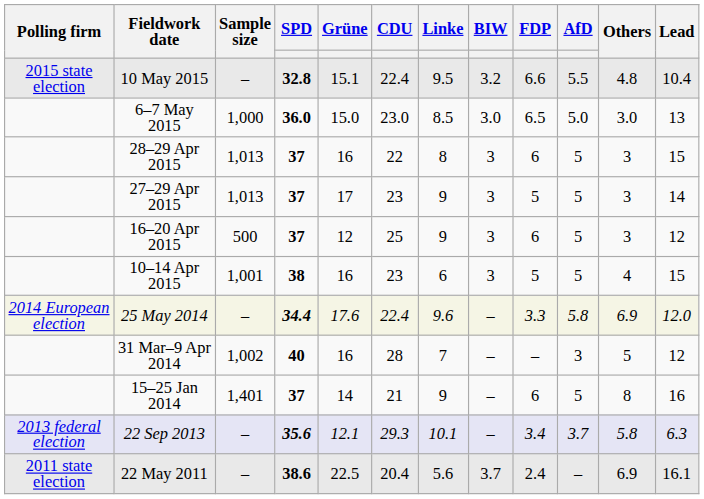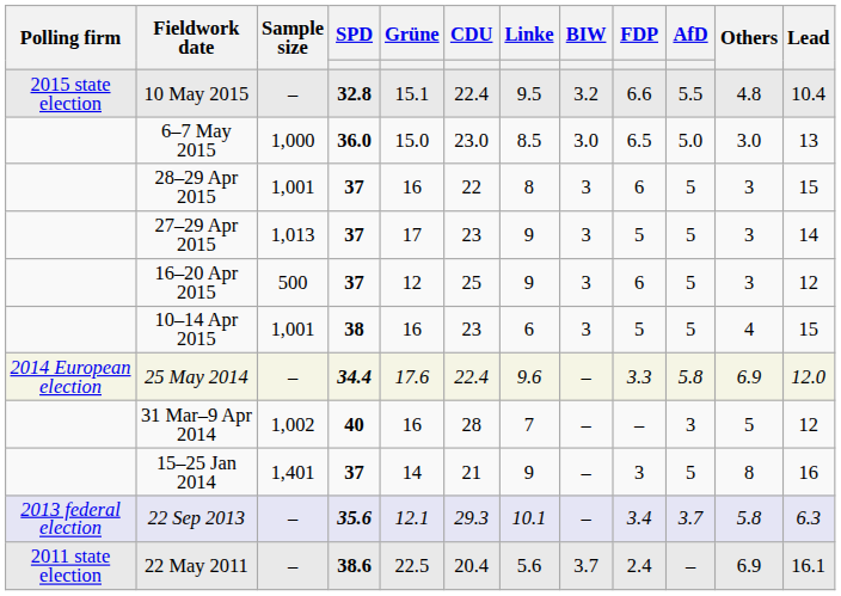 <table class="wikitable sortable" style="text-align:center;font-size:90%;line-height:14px;">
 <tr style="height:40px;">
 <th style="width:160px;" rowspan="2">Polling firm</th>
 <th style="width:125px;" rowspan="2">Fieldwork date</th>
 <th style="width:35px;" rowspan="2">Sample<br>size</th>
 <th class="unsortable" style="width:40px;"><a href='#'>SPD</a></th>
 <th class="unsortable" style="width:40px;"><a href='#'>Grüne</a></th>
 <th class="unsortable" style="width:40px;"><a href='#'>CDU</a></th>
 <th class="unsortable" style="width:40px;"><a href='#'>Linke</a></th>
 <th class="unsortable" style="width:40px;"><a href='#'>BIW</a></th>
 <th class="unsortable" style="width:40px;"><a href='#'>FDP</a></th>
 <th class="unsortable" style="width:40px;"><a href='#'>AfD</a></th>
 <th class="unsortable" style="width:40px;" rowspan="2">Others</th>
 <th style="width:30px;" rowspan="2">Lead</th>
 </tr>
 <tr>
 <th style="background:"></th>
 <th style="background:"></th>
 <th style="background:"></th>
 <th style="background:"></th>
 <th style="background:"></th>
 <th style="background:"></th>
 <th style="background:"></th>
 </tr>
 <tr style="background:#E9E9E9;">
 <td><a href='#'>2015 state election</a></td>
 <td data-sort-value="2015-05-10">10 May 2015</td>
 <td>–</td>
 <td><strong>32.8</strong></td>
 <td>15.1</td>
 <td>22.4</td>
 <td>9.5</td>
 <td>3.2</td>
 <td>6.6</td>
 <td>5.5</td>
 <td>4.8</td>
 <td style="background:">10.4</td>
 </tr>
 <tr>
 <td></td>
 <td data-sort-value="2015-05-07">6–7 May 2015</td>
 <td>1,000</td>
 <td><strong>36.0</strong></td>
 <td>15.0</td>
 <td>23.0</td>
 <td>8.5</td>
 <td>3.0</td>
 <td>6.5</td>
 <td>5.0</td>
 <td>3.0</td>
 <td style="background:">13</td>
 </tr>
 <tr>
 <td></td>
 <td data-sort-value="2015-04-29">28–29 Apr 2015</td>
-<td>1,013</td>
+<td>1,001</td>
 <td><strong>37</strong></td>
 <td>16</td>
 <td>22</td>
 <td>8</td>
 <td>3</td>
 <td>6</td>
 <td>5</td>
 <td>3</td>
 <td style="background:">15</td>
 </tr>
 <tr>
 <td></td>
 <td data-sort-value="2015-04-29">27–29 Apr 2015</td>
 <td>1,013</td>
 <td><strong>37</strong></td>
 <td>17</td>
 <td>23</td>
 <td>9</td>
 <td>3</td>
 <td>5</td>
 <td>5</td>
 <td>3</td>
 <td style="background:">14</td>
 </tr>
 <tr>
 <td></td>
 <td data-sort-value="2015-04-20">16–20 Apr 2015</td>
 <td>500</td>
 <td><strong>37</strong></td>
 <td>12</td>
 <td>25</td>
 <td>9</td>
 <td>3</td>
 <td>6</td>
 <td>5</td>
 <td>3</td>
 <td style="background:">12</td>
 </tr>
 <tr>
 <td></td>
 <td data-sort-value="2015-04-14">10–14 Apr 2015</td>
 <td>1,001</td>
 <td><strong>38</strong></td>
 <td>16</td>
 <td>23</td>
 <td>6</td>
 <td>3</td>
 <td>5</td>
 <td>5</td>
 <td>4</td>
 <td style="background:">15</td>
 </tr>
 <tr style="background:#F5F5E5;font-style:italic;">
 <td><a href='#'>2014 European election</a></td>
 <td data-sort-value="2014-05-25">25 May 2014</td>
 <td>–</td>
 <td><strong>34.4</strong></td>
 <td>17.6</td>
 <td>22.4</td>
 <td>9.6</td>
 <td>–</td>
 <td>3.3</td>
 <td>5.8</td>
 <td>6.9</td>
 <td style="background:">12.0</td>
 </tr>
 <tr>
 <td></td>
 <td data-sort-value="2014-04-09">31 Mar–9 Apr 2014</td>
 <td>1,002</td>
 <td><strong>40</strong></td>
 <td>16</td>
 <td>28</td>
 <td>7</td>
 <td>–</td>
 <td>–</td>
 <td>3</td>
 <td>5</td>
 <td style="background:">12</td>
 </tr>
 <tr>
 <td></td>
 <td data-sort-value="2014-01-25">15–25 Jan 2014</td>
 <td>1,401</td>
 <td><strong>37</strong></td>
 <td>14</td>
 <td>21</td>
 <td>9</td>
 <td>–</td>
-<td>6</td>
+<td>3</td>
 <td>5</td>
 <td>8</td>
 <td style="background:">16</td>
 </tr>
 <tr style="background:#E5E5F5;font-style:italic;">
 <td><a href='#'>2013 federal election</a></td>
 <td data-sort-value="2013-09-22">22 Sep 2013</td>
 <td>–</td>
 <td><strong>35.6</strong></td>
 <td>12.1</td>
 <td>29.3</td>
 <td>10.1</td>
 <td>–</td>
 <td>3.4</td>
 <td>3.7</td>
 <td>5.8</td>
 <td style="background:">6.3</td>
 </tr>
 <tr style="background:#E9E9E9;">
 <td><a href='#'>2011 state election</a></td>
 <td data-sort-value="2011-05-22">22 May 2011</td>
 <td>–</td>
 <td><strong>38.6</strong></td>
 <td>22.5</td>
 <td>20.4</td>
 <td>5.6</td>
 <td>3.7</td>
 <td>2.4</td>
 <td>–</td>
 <td>6.9</td>
 <td style="background:">16.1</td>
 </tr>
 </table>
